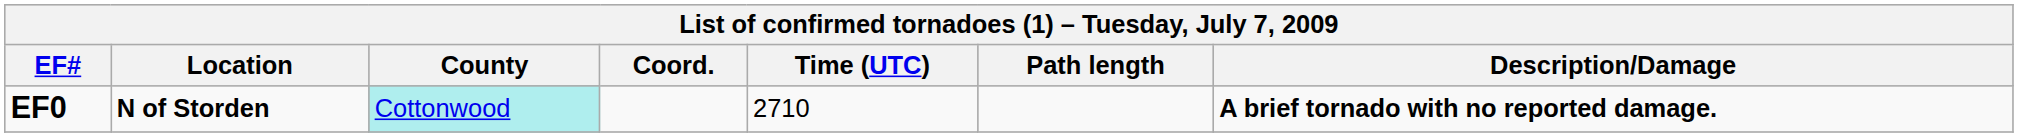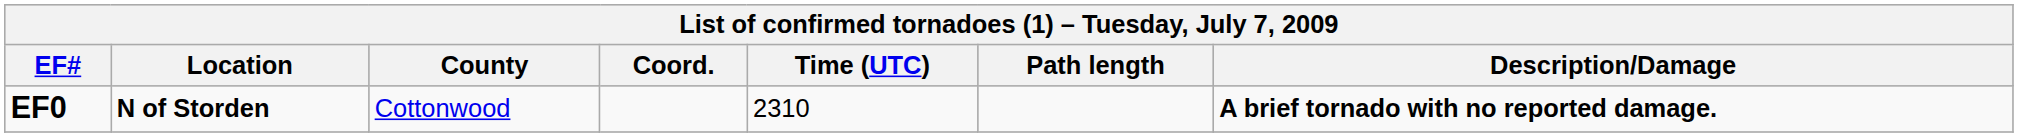 <table class="wikitable collapsible" width="100%">
 <tr>
 <th colspan="7">List of confirmed tornadoes (1) – Tuesday, July 7, 2009</th>
 </tr>
 <tr>
 <th><a href='#'>EF#</a></th>
 <th>Location</th>
 <th>County</th>
 <th>Coord.</th>
 <th>Time (<a href='#'>UTC</a>)</th>
 <th>Path length</th>
 <th>Description/Damage</th>
 </tr>
 <tr>
 <td><big><strong>EF0</strong></big></td>
 <td><strong>N of Storden</strong></td>
-<td style="background: paleturquoise;"><a href='#'>Cottonwood</a></td>
+<td><a href='#'>Cottonwood</a></td>
 <td></td>
-<td>2710</td>
+<td>2310</td>
 <td></td>
 <td><strong>A brief tornado with no reported damage.</strong></td>
 </tr>
 </table>
